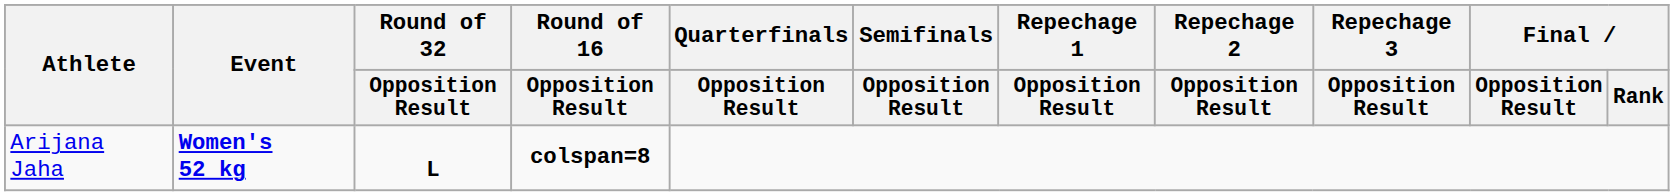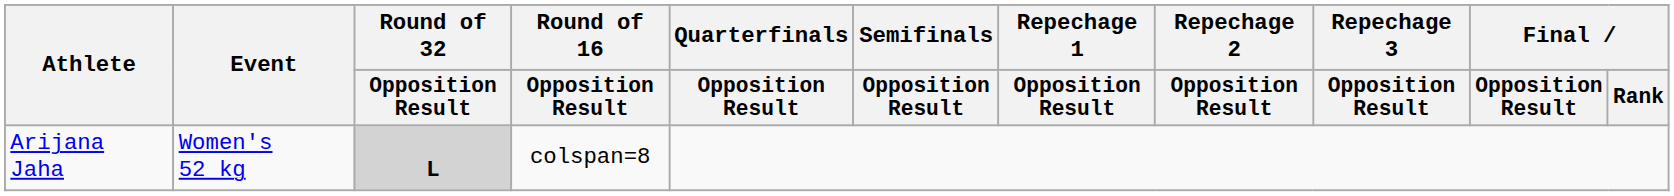 <table class="wikitable" style="font-size:90%">
 <tr>
 <th rowspan="2">Athlete</th>
 <th rowspan="2">Event</th>
 <th>Round of 32</th>
 <th>Round of 16</th>
 <th>Quarterfinals</th>
 <th>Semifinals</th>
 <th>Repechage 1</th>
 <th>Repechage 2</th>
 <th>Repechage 3</th>
 <th colspan=2>Final / </th>
 </tr>
 <tr style="font-size:95%">
 <th>Opposition<br>Result</th>
 <th>Opposition<br>Result</th>
 <th>Opposition<br>Result</th>
 <th>Opposition<br>Result</th>
 <th>Opposition<br>Result</th>
 <th>Opposition<br>Result</th>
 <th>Opposition<br>Result</th>
 <th>Opposition<br>Result</th>
 <th>Rank</th>
 </tr>
 <tr align=center>
 <td align=left><a href='#'>Arijana Jaha</a></td>
-<td align=left><strong><a href='#'>Women's 52 kg</a></strong></td>
-<td><br><strong>L</strong></td>
-<td><strong>colspan=8 </strong></td>
+<td align=left><a href='#'>Women's 52 kg</a></td>
+<td style="background: lightgrey;"><br><strong>L</strong></td>
+<td>colspan=8 </td>
 </tr>
 </table>
